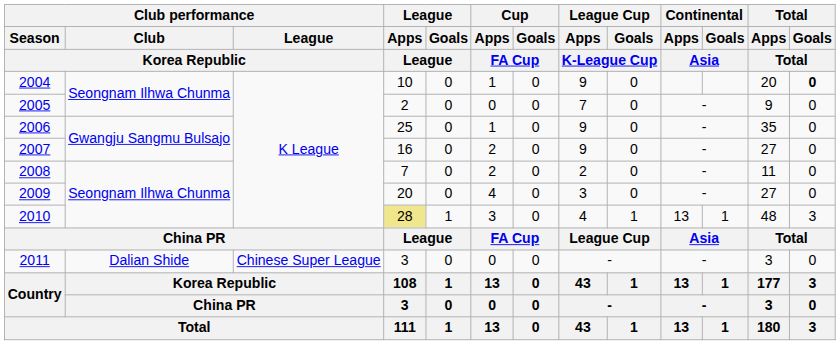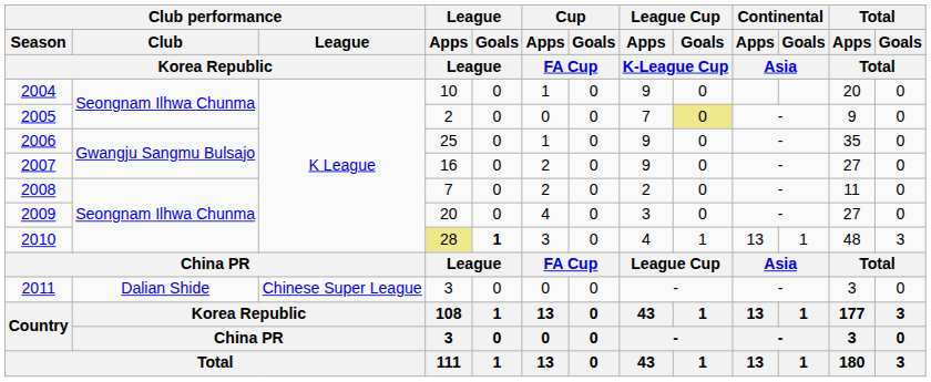 <table class="wikitable" style="text-align:center;">
 <tr>
 <th colspan=3>Club performance</th>
 <th colspan=2>League</th>
 <th colspan=2>Cup</th>
 <th colspan=2>League Cup</th>
 <th colspan=2>Continental</th>
 <th colspan=2>Total</th>
 </tr>
 <tr>
 <th>Season</th>
 <th>Club</th>
 <th>League</th>
 <th>Apps</th>
 <th>Goals</th>
 <th>Apps</th>
 <th>Goals</th>
 <th>Apps</th>
 <th>Goals</th>
 <th>Apps</th>
 <th>Goals</th>
 <th>Apps</th>
 <th>Goals</th>
 </tr>
 <tr>
 <th colspan=3>Korea Republic</th>
 <th colspan=2>League</th>
 <th colspan=2><a href='#'>FA Cup</a></th>
 <th colspan=2><a href='#'>K-League Cup</a></th>
 <th colspan=2><a href='#'>Asia</a></th>
 <th colspan=2>Total</th>
 </tr>
 <tr>
 <td><a href='#'>2004</a></td>
 <td rowspan="2"><a href='#'>Seongnam Ilhwa Chunma</a></td>
 <td rowspan="7"><a href='#'>K League</a></td>
 <td>10</td>
 <td>0</td>
 <td>1</td>
 <td>0</td>
 <td>9</td>
 <td>0</td>
 <td></td>
 <td></td>
 <td>20</td>
-<td><strong>0</strong></td>
+<td>0</td>
 </tr>
 <tr>
 <td><a href='#'>2005</a></td>
 <td>2</td>
 <td>0</td>
 <td>0</td>
 <td>0</td>
 <td>7</td>
-<td>0</td>
+<td style="background: khaki;">0</td>
 <td colspan="2">-</td>
 <td>9</td>
 <td>0</td>
 </tr>
 <tr>
 <td><a href='#'>2006</a></td>
 <td rowspan="2"><a href='#'>Gwangju Sangmu Bulsajo</a></td>
 <td>25</td>
 <td>0</td>
 <td>1</td>
 <td>0</td>
 <td>9</td>
 <td>0</td>
 <td colspan="2">-</td>
 <td>35</td>
 <td>0</td>
 </tr>
 <tr>
 <td><a href='#'>2007</a></td>
 <td>16</td>
 <td>0</td>
 <td>2</td>
 <td>0</td>
 <td>9</td>
 <td>0</td>
 <td colspan="2">-</td>
 <td>27</td>
 <td>0</td>
 </tr>
 <tr>
 <td><a href='#'>2008</a></td>
 <td rowspan="3"><a href='#'>Seongnam Ilhwa Chunma</a></td>
 <td>7</td>
 <td>0</td>
 <td>2</td>
 <td>0</td>
 <td>2</td>
 <td>0</td>
 <td colspan="2">-</td>
 <td>11</td>
 <td>0</td>
 </tr>
 <tr>
 <td><a href='#'>2009</a></td>
 <td>20</td>
 <td>0</td>
 <td>4</td>
 <td>0</td>
 <td>3</td>
 <td>0</td>
 <td colspan="2">-</td>
 <td>27</td>
 <td>0</td>
 </tr>
 <tr>
 <td><a href='#'>2010</a></td>
 <td style="background: khaki;">28</td>
-<td>1</td>
+<td><strong>1</strong></td>
 <td>3</td>
 <td>0</td>
 <td>4</td>
 <td>1</td>
 <td>13</td>
 <td>1</td>
 <td>48</td>
 <td>3</td>
 </tr>
 <tr>
 <th colspan=3>China PR</th>
 <th colspan=2>League</th>
 <th colspan=2><a href='#'>FA Cup</a></th>
 <th colspan=2>League Cup</th>
 <th colspan=2><a href='#'>Asia</a></th>
 <th colspan=2>Total</th>
 </tr>
 <tr>
 <td><a href='#'>2011</a></td>
 <td rowspan="1"><a href='#'>Dalian Shide</a></td>
 <td rowspan="1"><a href='#'>Chinese Super League</a></td>
 <td>3</td>
 <td>0</td>
 <td>0</td>
 <td>0</td>
 <td colspan="2">-</td>
 <td colspan="2">-</td>
 <td>3</td>
 <td>0</td>
 </tr>
 <tr>
 <th rowspan=2>Country</th>
 <th colspan=2>Korea Republic</th>
 <th>108</th>
 <th>1</th>
 <th>13</th>
 <th>0</th>
 <th>43</th>
 <th>1</th>
 <th>13</th>
 <th>1</th>
 <th>177</th>
 <th>3</th>
 </tr>
 <tr>
 <th colspan=2>China PR</th>
 <th>3</th>
 <th>0</th>
 <th>0</th>
 <th>0</th>
 <th colspan=2>-</th>
 <th colspan=2>-</th>
 <th>3</th>
 <th>0</th>
 </tr>
 <tr>
 <th colspan=3>Total</th>
 <th>111</th>
 <th>1</th>
 <th>13</th>
 <th>0</th>
 <th>43</th>
 <th>1</th>
 <th>13</th>
 <th>1</th>
 <th>180</th>
 <th>3</th>
 </tr>
 </table>
